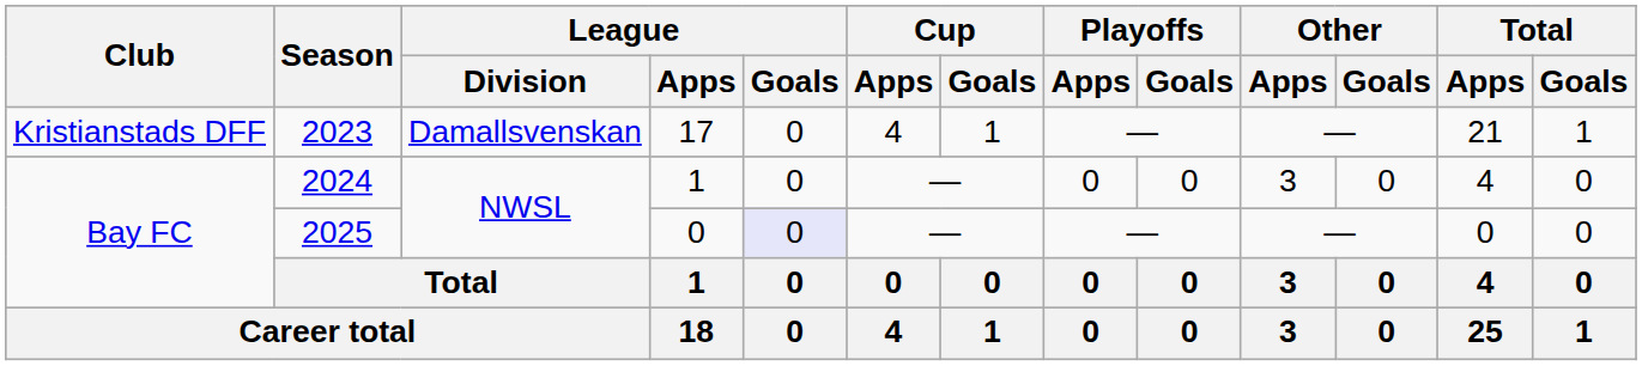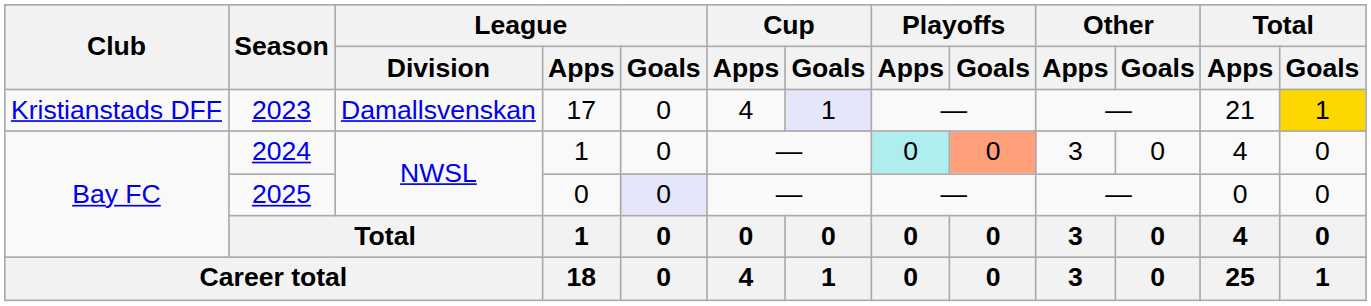 <table class="wikitable" style="text-align: center;">
 <tr>
 <th rowspan="2">Club</th>
 <th rowspan="2">Season</th>
 <th colspan="3">League</th>
 <th colspan="2">Cup</th>
 <th colspan="2">Playoffs</th>
 <th colspan="2">Other</th>
 <th colspan="2">Total</th>
 </tr>
 <tr>
 <th>Division</th>
 <th>Apps</th>
 <th>Goals</th>
 <th>Apps</th>
 <th>Goals</th>
 <th>Apps</th>
 <th>Goals</th>
 <th>Apps</th>
 <th>Goals</th>
 <th>Apps</th>
 <th>Goals</th>
 </tr>
 <tr>
 <td><a href='#'>Kristianstads DFF</a></td>
 <td><a href='#'>2023</a></td>
 <td><a href='#'>Damallsvenskan</a></td>
 <td>17</td>
 <td>0</td>
 <td>4</td>
-<td>1</td>
+<td style="background: lavender;">1</td>
 <td colspan="2">—</td>
 <td colspan="2">—</td>
 <td>21</td>
-<td>1</td>
+<td style="background: gold;">1</td>
 </tr>
 <tr>
 <td rowspan="3"><a href='#'>Bay FC</a></td>
 <td><a href='#'>2024</a></td>
 <td rowspan="2"><a href='#'>NWSL</a></td>
 <td>1</td>
 <td>0</td>
 <td colspan="2">—</td>
-<td>0</td>
-<td>0</td>
+<td style="background: paleturquoise;">0</td>
+<td style="background: lightsalmon;">0</td>
 <td>3</td>
 <td>0</td>
 <td>4</td>
 <td>0</td>
 </tr>
 <tr>
 <td><a href='#'>2025</a></td>
 <td>0</td>
 <td style="background: lavender;">0</td>
 <td colspan="2">—</td>
 <td colspan="2">—</td>
 <td colspan="2">—</td>
 <td>0</td>
 <td>0</td>
 </tr>
 <tr>
 <th colspan="2">Total</th>
 <th>1</th>
 <th>0</th>
 <th>0</th>
 <th>0</th>
 <th>0</th>
 <th>0</th>
 <th>3</th>
 <th>0</th>
 <th>4</th>
 <th>0</th>
 </tr>
 <tr>
 <th colspan="3">Career total</th>
 <th>18</th>
 <th>0</th>
 <th>4</th>
 <th>1</th>
 <th>0</th>
 <th>0</th>
 <th>3</th>
 <th>0</th>
 <th>25</th>
 <th>1</th>
 </tr>
 </table>
